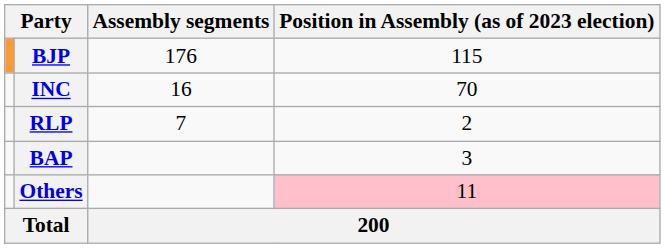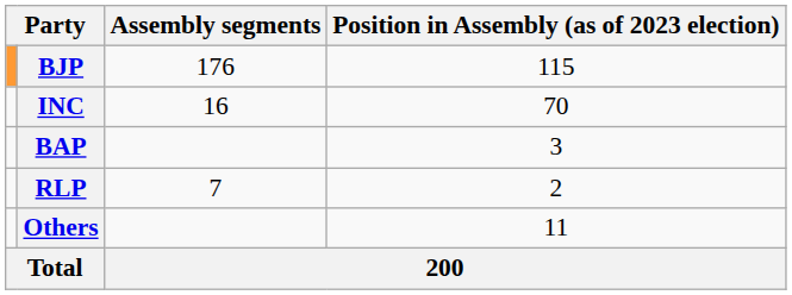 <table class="wikitable" style="text-align:center">
 <tr>
 <th colspan=2>Party</th>
 <th>Assembly segments</th>
 <th>Position in Assembly (as of 2023 election)</th>
 </tr>
 <tr>
 <td bgcolor=#FF9933></td>
 <th><a href='#'>BJP</a></th>
 <td>176</td>
 <td>115</td>
 </tr>
 <tr>
 <td></td>
 <th><a href='#'>INC</a></th>
 <td>16</td>
 <td>70</td>
 </tr>
 <tr>
 <td></td>
+<th><a href='#'>BAP</a></th>
+<td></td>
+<td>3</td>
+</tr>
+<tr>
+<td></td>
 <th><a href='#'>RLP</a></th>
 <td>7</td>
 <td>2</td>
 </tr>
 <tr>
 <td></td>
-<th><a href='#'>BAP</a></th>
-<td></td>
-<td>3</td>
-</tr>
-<tr>
-<td></td>
 <th><a href='#'>Others</a></th>
 <td></td>
-<td style="background: pink;">11</td>
+<td>11</td>
 </tr>
 <tr>
 <th colspan=2>Total</th>
 <th colspan=2>200</th>
 </tr>
 </table>
